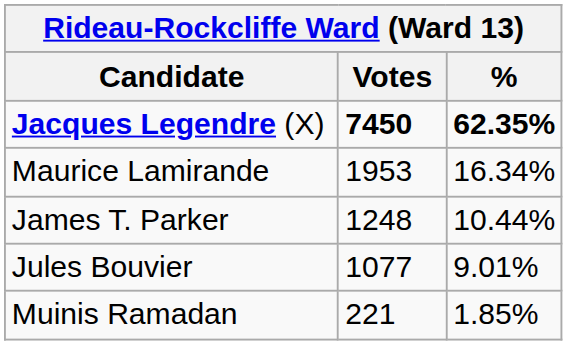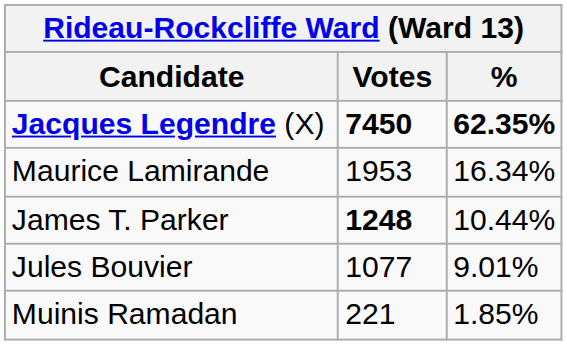 <table class="wikitable">
 <tr>
 <th colspan="3"><a href='#'>Rideau-Rockcliffe Ward</a> (Ward 13)</th>
 </tr>
 <tr>
 <th style="width: 170px">Candidate</th>
 <th style="width: 50px">Votes</th>
 <th style="width: 40px">%</th>
 </tr>
 <tr>
 <td><strong><a href='#'>Jacques Legendre</a></strong> (X)</td>
 <td><strong>7450</strong></td>
 <td><strong>62.35%</strong></td>
 </tr>
 <tr>
 <td>Maurice Lamirande</td>
 <td>1953</td>
 <td>16.34%</td>
 </tr>
 <tr>
 <td>James T. Parker</td>
-<td>1248</td>
+<td><strong>1248</strong></td>
 <td>10.44%</td>
 </tr>
 <tr>
 <td>Jules Bouvier</td>
 <td>1077</td>
 <td>9.01%</td>
 </tr>
 <tr>
 <td>Muinis Ramadan</td>
 <td>221</td>
 <td>1.85%</td>
 </tr>
 </table>
